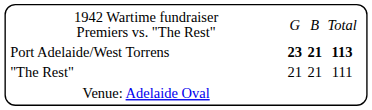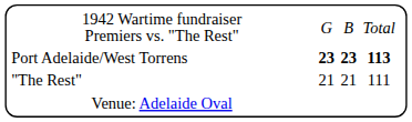 <table style="margin-right:4px; margin-top:8px; float:right; border:1px #000 solid; border-radius:8px; background:#fff; font-family:Verdana; font-size:8pt; text-align:center;">
 <tr>
 <td width=200>1942 Wartime fundraiser<br>Premiers vs. "The Rest"</td>
 <td><em>G</em></td>
 <td><em>B</em></td>
 <td><em>Total</em></td>
 </tr>
 <tr>
 <td style="text-align:left">Port Adelaide/West Torrens</td>
 <td><strong>23</strong></td>
-<td><strong>21</strong></td>
+<td><strong>23</strong></td>
 <td><strong>113</strong></td>
 </tr>
 <tr>
 <td style="text-align:left">"The Rest"</td>
 <td>21</td>
 <td>21</td>
 <td>111</td>
 </tr>
 <tr>
 <td>Venue: <a href='#'>Adelaide Oval</a></td>
 <td colspan=3></td>
 <td colspan=3></td>
 </tr>
 </table>
